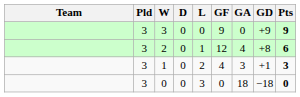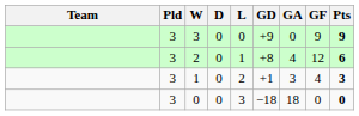 <table class="wikitable" style="text-align:center;">
 <tr>
 <th width=180>Team</th>
 <th width=20>Pld</th>
 <th width=20>W</th>
 <th width=20>D</th>
 <th width=20>L</th>
+<th width=21>GD</th>
+<th width=20>GA</th>
 <th width=20>GF</th>
-<th width=20>GA</th>
-<th width=21>GD</th>
 <th width=20>Pts</th>
 </tr>
 <tr bgcolor="ccffcc">
 <td align="left"></td>
 <td>3</td>
 <td>3</td>
 <td>0</td>
 <td>0</td>
+<td>+9</td>
+<td>0</td>
 <td>9</td>
-<td>0</td>
-<td>+9</td>
 <td><strong>9</strong></td>
 </tr>
 <tr bgcolor="ccffcc">
 <td align="left"></td>
 <td>3</td>
 <td>2</td>
 <td>0</td>
 <td>1</td>
+<td>+8</td>
+<td>4</td>
 <td>12</td>
-<td>4</td>
-<td>+8</td>
 <td><strong>6</strong></td>
 </tr>
 <tr>
 <td align="left"></td>
 <td>3</td>
 <td>1</td>
 <td>0</td>
 <td>2</td>
+<td>+1</td>
+<td>3</td>
 <td>4</td>
-<td>3</td>
-<td>+1</td>
 <td><strong>3</strong></td>
 </tr>
 <tr>
 <td align="left"></td>
 <td>3</td>
 <td>0</td>
 <td>0</td>
 <td>3</td>
+<td>−18</td>
+<td>18</td>
 <td>0</td>
-<td>18</td>
-<td>−18</td>
 <td><strong>0</strong></td>
 </tr>
 </table>
